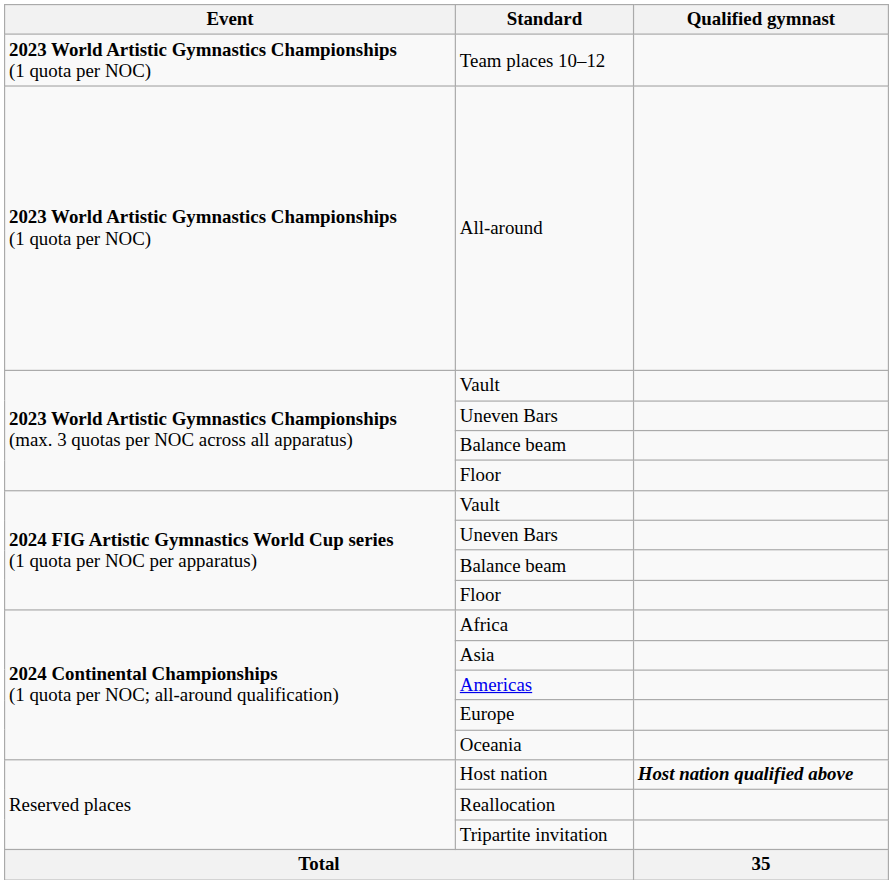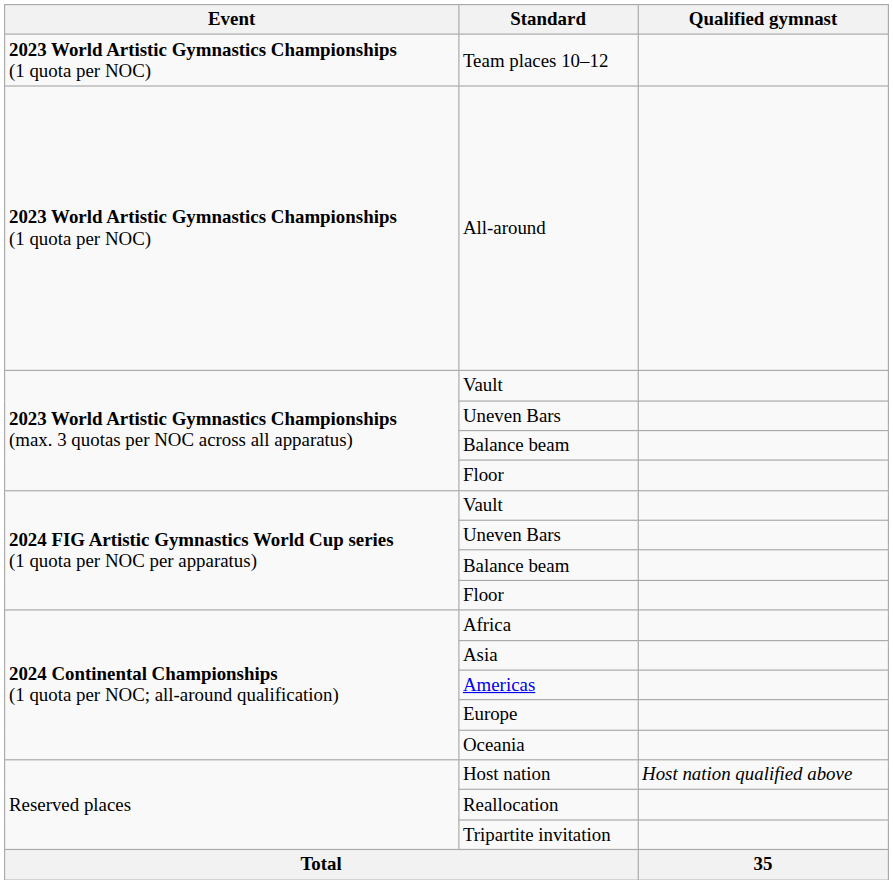 <table class="wikitable" style="width:750px;">
 <tr>
 <th>Event</th>
 <th>Standard</th>
 <th>Qualified gymnast</th>
 </tr>
 <tr>
 <td><strong>2023 World Artistic Gymnastics Championships</strong><br>(1 quota per NOC)</td>
 <td>Team places 10–12 <br> </td>
 <td><br><br></td>
 </tr>
 <tr>
 <td><strong>2023 World Artistic Gymnastics Championships</strong><br>(1 quota per NOC)</td>
 <td>All-around</td>
 <td><br><br><br><br><br><br><br><br><br><br><br><br><br></td>
 </tr>
 <tr>
 <td rowspan=4><strong>2023 World Artistic Gymnastics Championships</strong><br>(max. 3 quotas per NOC across all apparatus)</td>
 <td>Vault</td>
 <td></td>
 </tr>
 <tr>
 <td>Uneven Bars</td>
 <td></td>
 </tr>
 <tr>
 <td>Balance beam</td>
 <td></td>
 </tr>
 <tr>
 <td>Floor</td>
 <td></td>
 </tr>
 <tr>
 <td rowspan="4"><strong>2024 FIG Artistic Gymnastics World Cup series</strong><br>(1 quota per NOC per apparatus)</td>
 <td>Vault</td>
 <td> <br></td>
 </tr>
 <tr>
 <td>Uneven Bars</td>
 <td> <br></td>
 </tr>
 <tr>
 <td>Balance beam</td>
 <td> <br></td>
 </tr>
 <tr>
 <td>Floor</td>
 <td> <br></td>
 </tr>
 <tr>
 <td rowspan="5"><strong>2024 Continental Championships</strong><br>(1 quota per NOC; all-around qualification)</td>
 <td>Africa</td>
 <td></td>
 </tr>
 <tr>
 <td>Asia</td>
 <td></td>
 </tr>
 <tr>
 <td><a href='#'>Americas</a></td>
 <td></td>
 </tr>
 <tr>
 <td>Europe</td>
 <td></td>
 </tr>
 <tr>
 <td>Oceania</td>
 <td></td>
 </tr>
 <tr>
 <td rowspan=3>Reserved places</td>
 <td>Host nation</td>
-<td><strong><em>Host nation qualified above</em></strong></td>
+<td><em>Host nation qualified above</em></td>
 </tr>
 <tr>
 <td>Reallocation</td>
 <td></td>
 </tr>
 <tr>
 <td>Tripartite invitation</td>
 <td></td>
 </tr>
 <tr>
 <th colspan="2">Total</th>
 <th>35</th>
 </tr>
 </table>
